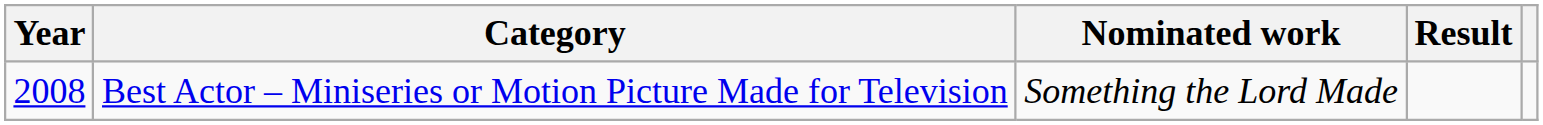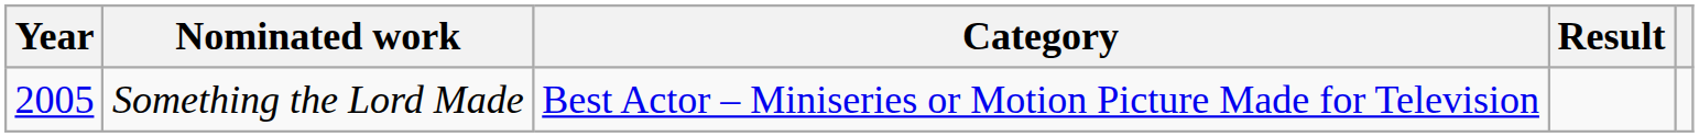 <table class="wikitable">
 <tr>
 <th>Year</th>
+<th>Nominated work</th>
 <th>Category</th>
-<th>Nominated work</th>
 <th>Result</th>
 <th scope="col" class="unsortable"></th>
 </tr>
 <tr>
-<td><a href='#'>2008</a></td>
+<td><a href='#'>2005</a></td>
+<td><em>Something the Lord Made</em></td>
 <td><a href='#'>Best Actor – Miniseries or Motion Picture Made for Television</a></td>
-<td><em>Something the Lord Made</em></td>
 <td></td>
 <td style="text-align: center;"></td>
 </tr>
 </table>
